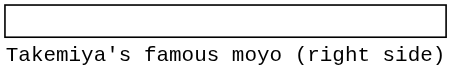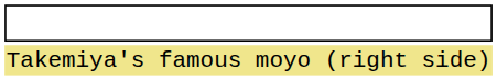 <table style="margin:1em;">
 <tr>
 <td style="border: solid thin; padding: 2px;"><br></td>
 </tr>
 <tr>
-<td style="text-align:center">Takemiya's famous moyo (right side)</td>
+<td style="background: khaki; text-align:center">Takemiya's famous moyo (right side)</td>
 </tr>
 </table>
